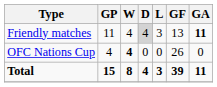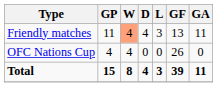 <table class="wikitable">
 <tr>
 <th>Type</th>
 <th>GP</th>
 <th>W</th>
 <th>D</th>
 <th>L</th>
 <th>GF</th>
 <th>GA</th>
 </tr>
 <tr>
 <td align=left><a href='#'>Friendly matches</a></td>
 <td align=center>11</td>
+<td align=center style="background: lightsalmon;">4</td>
 <td align=center>4</td>
-<td align=center style="background: lightgrey;">4</td>
 <td align=center>3</td>
 <td align=center>13</td>
-<td align=center><strong>11</strong></td>
+<td align=center>11</td>
 </tr>
 <tr>
 <td align=left><a href='#'>OFC Nations Cup</a></td>
 <td align=center>4</td>
-<td align=center><strong>4</strong></td>
+<td align=center>4</td>
 <td align=center>0</td>
 <td align=center>0</td>
 <td align=center>26</td>
 <td align=center>0</td>
 </tr>
 <tr>
 <td><strong>Total</strong></td>
 <td align=center><strong>15</strong></td>
 <td align=center><strong>8</strong></td>
 <td align=center><strong>4</strong></td>
 <td align=center><strong>3</strong></td>
 <td align=center><strong>39</strong></td>
 <td align=center><strong>11</strong></td>
 </tr>
 <tr>
 </tr>
 </table>
